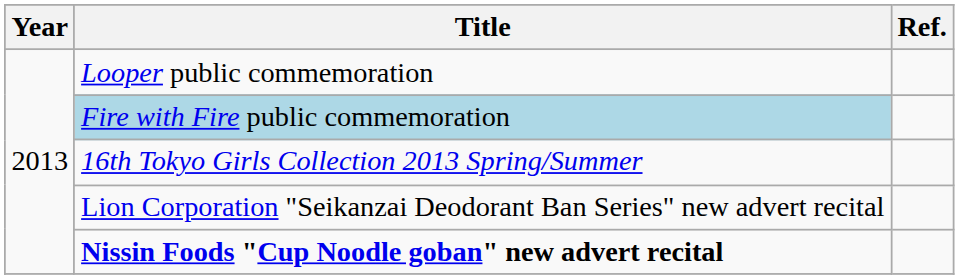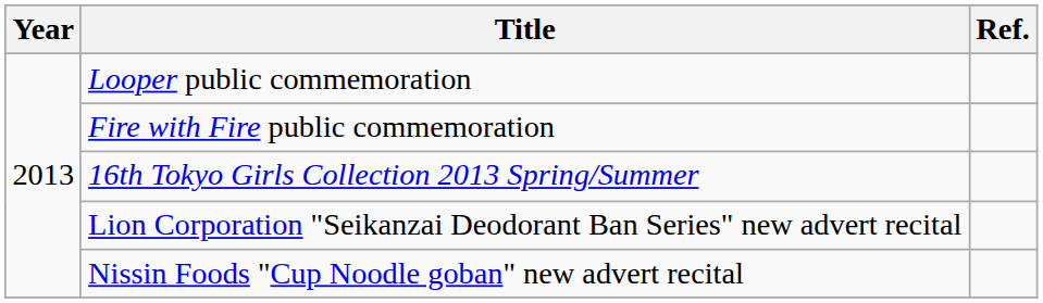 <table class="wikitable">
 <tr>
 <th>Year</th>
 <th>Title</th>
 <th>Ref.</th>
 </tr>
 <tr>
 <td rowspan="5">2013</td>
 <td><em><a href='#'>Looper</a></em> public commemoration</td>
 <td></td>
 </tr>
 <tr>
-<td style="background: lightblue;"><em><a href='#'>Fire with Fire</a></em> public commemoration</td>
+<td><em><a href='#'>Fire with Fire</a></em> public commemoration</td>
 <td></td>
 </tr>
 <tr>
 <td><em><a href='#'>16th Tokyo Girls Collection 2013 Spring/Summer</a></em></td>
 <td></td>
 </tr>
 <tr>
 <td><a href='#'>Lion Corporation</a> "Seikanzai Deodorant Ban Series" new advert recital</td>
 <td></td>
 </tr>
 <tr>
-<td><strong><a href='#'>Nissin Foods</a> "<a href='#'>Cup Noodle goban</a>" new advert recital</strong></td>
+<td><a href='#'>Nissin Foods</a> "<a href='#'>Cup Noodle goban</a>" new advert recital</td>
 <td></td>
 </tr>
 </table>
